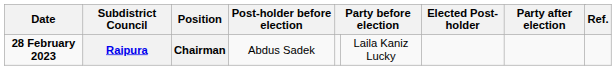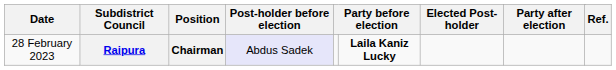 <table class="wikitable sortable" style="text-align:center;">
 <tr>
 <th>Date</th>
 <th>Subdistrict Council</th>
 <th>Position</th>
 <th>Post-holder before election</th>
 <th colspan="2">Party before election</th>
 <th>Elected  Post-holder</th>
 <th colspan="2">Party after election</th>
 <th>Ref.</th>
 </tr>
 <tr>
-<td><strong>28 February 2023</strong></td>
+<td>28 February 2023</td>
 <th><a href='#'>Raipura</a></th>
 <th>Chairman </th>
-<td>Abdus Sadek</td>
+<td style="background: lavender;">Abdus Sadek</td>
 <td></td>
-<td>Laila Kaniz Lucky</td>
+<td><strong>Laila Kaniz Lucky</strong></td>
 <td></td>
 <td></td>
 </tr>
 </table>
